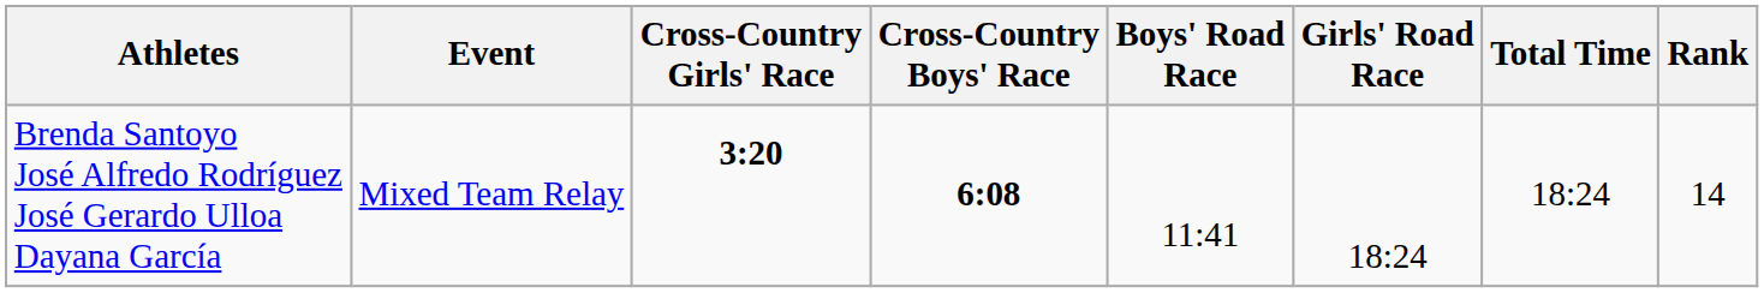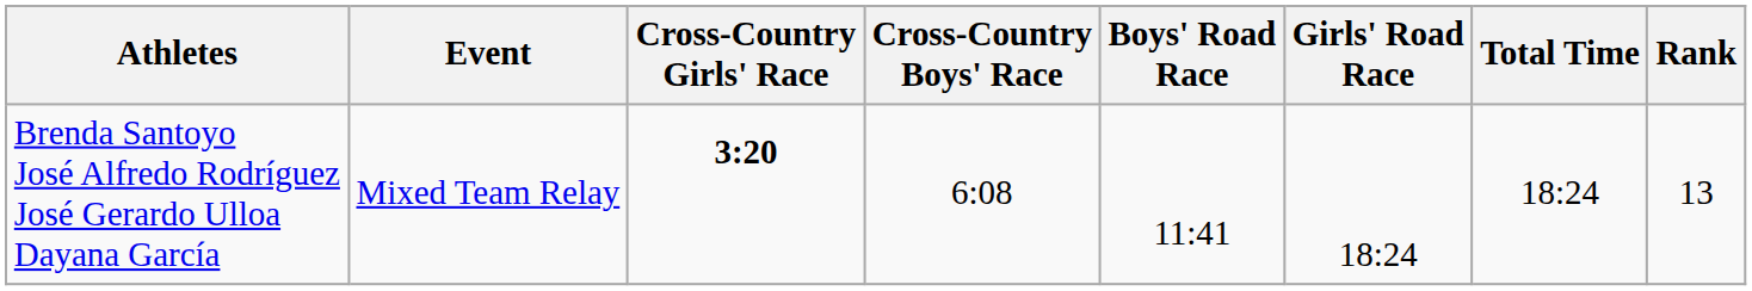 <table class="wikitable" style="font-size:90%;">
 <tr>
 <th>Athletes</th>
 <th>Event</th>
 <th>Cross-Country<br>Girls' Race</th>
 <th>Cross-Country<br>Boys' Race</th>
 <th>Boys' Road<br>Race</th>
 <th>Girls' Road<br>Race</th>
 <th>Total Time</th>
 <th>Rank</th>
 </tr>
 <tr align=center>
 <td align=left><a href='#'>Brenda Santoyo</a><br><a href='#'>José Alfredo Rodríguez</a><br><a href='#'>José Gerardo Ulloa</a><br><a href='#'>Dayana García</a></td>
 <td align=left><a href='#'>Mixed Team Relay</a></td>
 <td><strong>3:20<br><br><br></strong></td>
-<td><strong><br>6:08<br><br></strong></td>
+<td><br>6:08<br><br></td>
 <td><br><br>11:41<br></td>
 <td><br><br><br>18:24</td>
 <td>18:24</td>
-<td>14</td>
+<td>13</td>
 </tr>
 </table>
